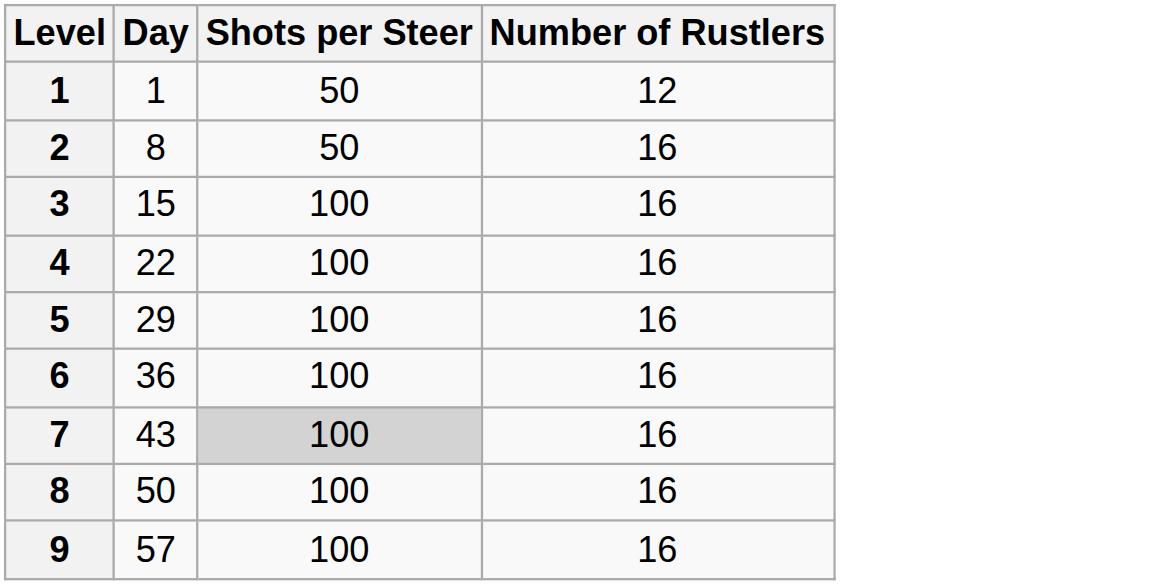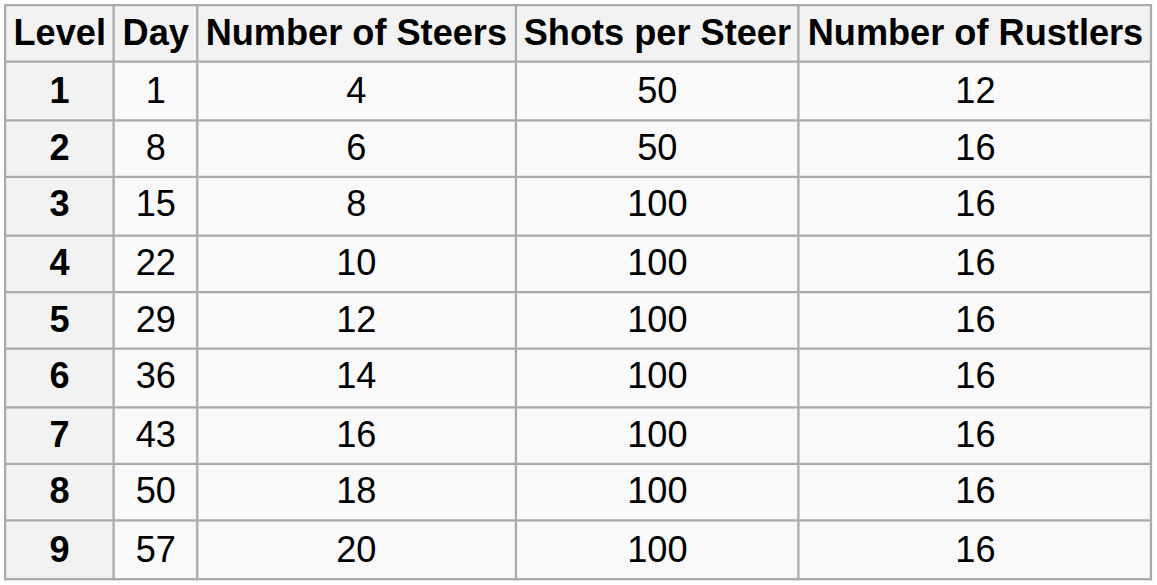 <table class="wikitable" style="text-align: center">
 <tr>
 <th>Level</th>
 <th>Day</th>
+<th>Number of Steers</th>
 <th>Shots per Steer</th>
 <th>Number of Rustlers</th>
 </tr>
 <tr>
 <th>1</th>
 <td>1</td>
+<td>4</td>
 <td>50</td>
 <td>12</td>
 </tr>
 <tr>
 <th>2</th>
 <td>8</td>
+<td>6</td>
 <td>50</td>
 <td>16</td>
 </tr>
 <tr>
 <th>3</th>
 <td>15</td>
+<td>8</td>
 <td>100</td>
 <td>16</td>
 </tr>
 <tr>
 <th>4</th>
 <td>22</td>
+<td>10</td>
 <td>100</td>
 <td>16</td>
 </tr>
 <tr>
 <th>5</th>
 <td>29</td>
+<td>12</td>
 <td>100</td>
 <td>16</td>
 </tr>
 <tr>
 <th>6</th>
 <td>36</td>
+<td>14</td>
 <td>100</td>
 <td>16</td>
 </tr>
 <tr>
 <th>7</th>
 <td>43</td>
-<td style="background: lightgrey;">100</td>
+<td>16</td>
+<td>100</td>
 <td>16</td>
 </tr>
 <tr>
 <th>8</th>
 <td>50</td>
+<td>18</td>
 <td>100</td>
 <td>16</td>
 </tr>
 <tr>
 <th>9</th>
 <td>57</td>
+<td>20</td>
 <td>100</td>
 <td>16</td>
 </tr>
 </table>
